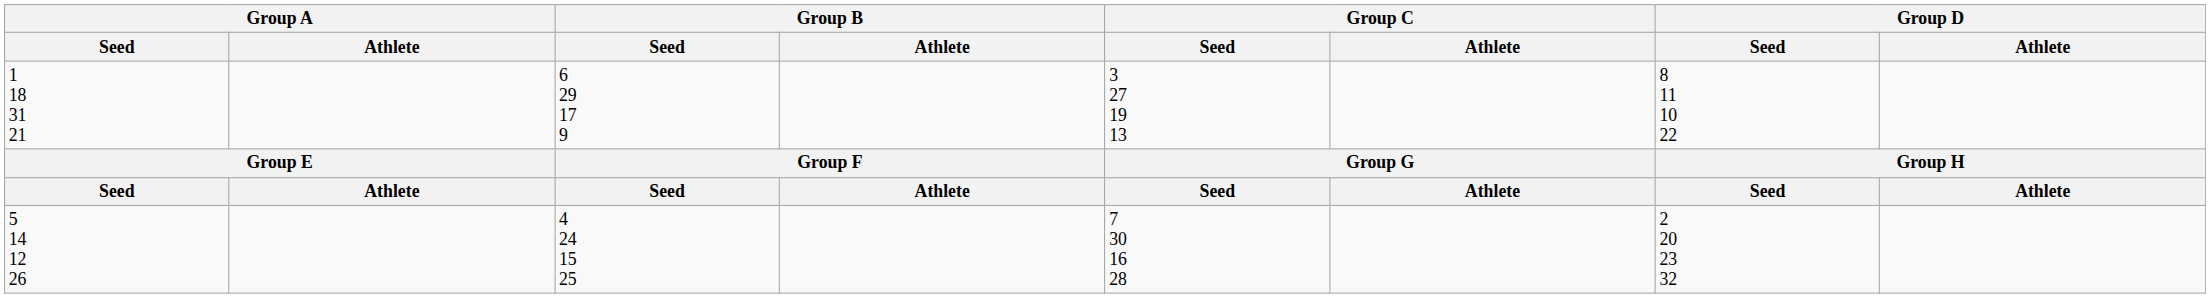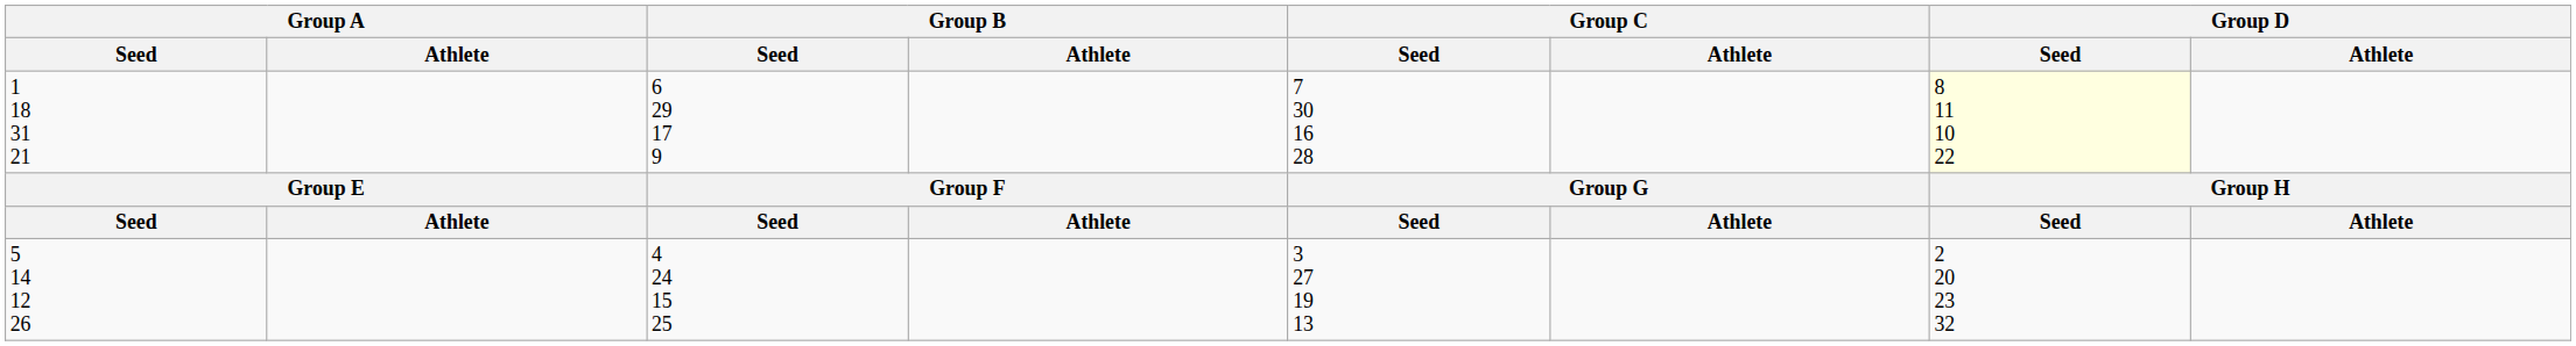 <table class="wikitable" width="100%">
 <tr>
 <th colspan="2" width="25%">Group A</th>
 <th colspan="2" width="25%">Group B</th>
 <th colspan="2" width="25%">Group C</th>
 <th colspan="2" width="25%">Group D</th>
 </tr>
 <tr>
 <th>Seed</th>
 <th>Athlete</th>
 <th>Seed</th>
 <th>Athlete</th>
 <th>Seed</th>
 <th>Athlete</th>
 <th>Seed</th>
 <th>Athlete</th>
 </tr>
 <tr>
 <td>1 <br>18 <br>31 <br>21</td>
 <td><br><br><br> <br> </td>
 <td>6 <br>29 <br>17 <br>9</td>
 <td><br><br><br> <br> </td>
-<td>3 <br>27 <br>19 <br>13</td>
+<td>7 <br>30 <br>16 <br>28</td>
 <td><br><br><br> <br> </td>
-<td>8 <br>11 <br>10 <br>22</td>
+<td style="background: lightyellow;">8 <br>11 <br>10 <br>22</td>
 <td><br><br><br> <br> </td>
 </tr>
 <tr>
 <th colspan="2">Group E</th>
 <th colspan="2">Group F</th>
 <th colspan="2">Group G</th>
 <th colspan="2">Group H</th>
 </tr>
 <tr>
 <th>Seed</th>
 <th>Athlete</th>
 <th>Seed</th>
 <th>Athlete</th>
 <th>Seed</th>
 <th>Athlete</th>
 <th>Seed</th>
 <th>Athlete</th>
 </tr>
 <tr>
 <td>5 <br>14 <br>12 <br>26</td>
 <td><br><br><br> <br> </td>
 <td>4 <br>24 <br>15 <br>25</td>
 <td><br><br><br> <br> </td>
-<td>7 <br>30 <br>16 <br>28</td>
+<td>3 <br>27 <br>19 <br>13</td>
 <td><br><br><br> <br> </td>
 <td>2 <br>20 <br>23 <br>32</td>
 <td><br><br><br> <br> </td>
 </tr>
 </table>
